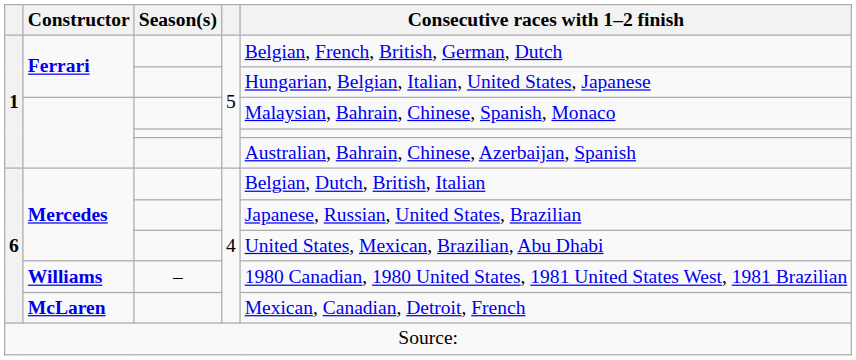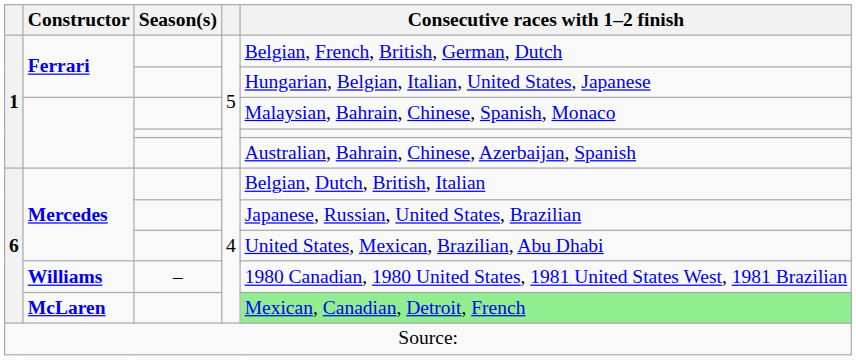 <table class="wikitable">
 <tr>
 <th></th>
 <th>Constructor</th>
 <th>Season(s)</th>
 <th></th>
 <th>Consecutive races with 1–2 finish</th>
 </tr>
 <tr>
 <th rowspan="5">1</th>
 <td rowspan=2> <strong><a href='#'>Ferrari</a></strong></td>
 <td align="center"></td>
 <td rowspan="5" align="center">5</td>
 <td><a href='#'>Belgian</a>, <a href='#'>French</a>, <a href='#'>British</a>, <a href='#'>German</a>, <a href='#'>Dutch</a></td>
 </tr>
 <tr>
 <td align="center"></td>
 <td><a href='#'>Hungarian</a>, <a href='#'>Belgian</a>, <a href='#'>Italian</a>, <a href='#'>United States</a>, <a href='#'>Japanese</a></td>
 </tr>
 <tr>
 <td rowspan="3"></td>
 <td align="center"></td>
 <td><a href='#'>Malaysian</a>, <a href='#'>Bahrain</a>, <a href='#'>Chinese</a>, <a href='#'>Spanish</a>, <a href='#'>Monaco</a></td>
 </tr>
 <tr>
 <td align="center"></td>
 <td></td>
 </tr>
 <tr>
 <td align="center"></td>
 <td><a href='#'>Australian</a>, <a href='#'>Bahrain</a>, <a href='#'>Chinese</a>, <a href='#'>Azerbaijan</a>, <a href='#'>Spanish</a></td>
 </tr>
 <tr>
 <th rowspan="5">6</th>
 <td rowspan="3"> <strong><a href='#'>Mercedes</a></strong></td>
 <td align="center"></td>
 <td rowspan="5" align="center">4</td>
 <td><a href='#'>Belgian</a>, <a href='#'>Dutch</a>, <a href='#'>British</a>, <a href='#'>Italian</a></td>
 </tr>
 <tr>
 <td align="center"></td>
 <td><a href='#'>Japanese</a>, <a href='#'>Russian</a>, <a href='#'>United States</a>, <a href='#'>Brazilian</a></td>
 </tr>
 <tr>
 <td align="center"></td>
 <td><a href='#'>United States</a>, <a href='#'>Mexican</a>, <a href='#'>Brazilian</a>, <a href='#'>Abu Dhabi</a></td>
 </tr>
 <tr>
 <td> <strong><a href='#'>Williams</a></strong></td>
 <td align="center">–</td>
 <td><a href='#'>1980 Canadian</a>, <a href='#'>1980 United States</a>, <a href='#'>1981 United States West</a>, <a href='#'>1981 Brazilian</a></td>
 </tr>
 <tr>
 <td> <strong><a href='#'>McLaren</a></strong></td>
 <td align="center"></td>
-<td><a href='#'>Mexican</a>, <a href='#'>Canadian</a>, <a href='#'>Detroit</a>, <a href='#'>French</a></td>
+<td style="background: lightgreen;"><a href='#'>Mexican</a>, <a href='#'>Canadian</a>, <a href='#'>Detroit</a>, <a href='#'>French</a></td>
 </tr>
 <tr>
 <td colspan=5 align="center">Source:</td>
 </tr>
 </table>
